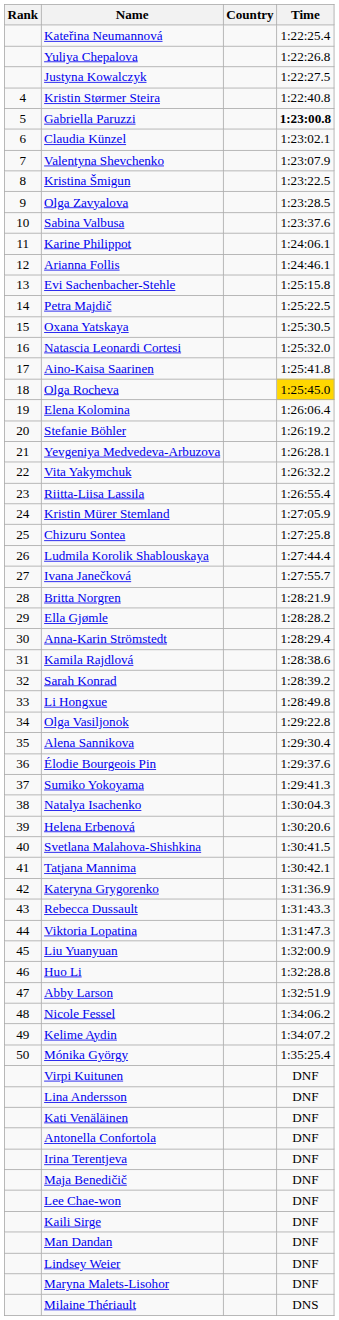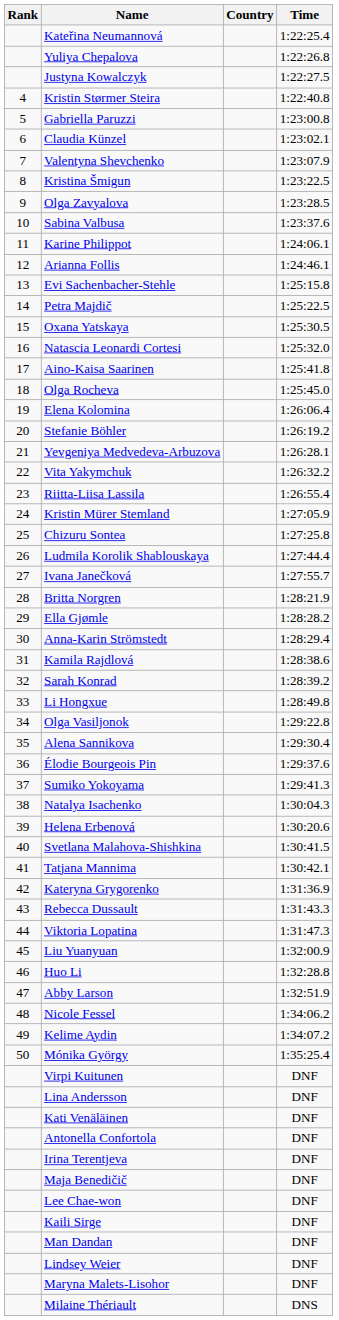 <table class="wikitable sortable" style="text-align:center">
 <tr>
 <th>Rank</th>
 <th>Name</th>
 <th>Country</th>
 <th>Time</th>
 </tr>
 <tr>
 <td></td>
 <td align="left"><a href='#'>Kateřina Neumannová</a></td>
 <td align="left"></td>
 <td>1:22:25.4</td>
 </tr>
 <tr>
 <td></td>
 <td align="left"><a href='#'>Yuliya Chepalova</a></td>
 <td align="left"></td>
 <td>1:22:26.8</td>
 </tr>
 <tr>
 <td></td>
 <td align="left"><a href='#'>Justyna Kowalczyk</a></td>
 <td align="left"></td>
 <td>1:22:27.5</td>
 </tr>
 <tr>
 <td>4</td>
 <td align="left"><a href='#'>Kristin Størmer Steira</a></td>
 <td align="left"></td>
 <td>1:22:40.8</td>
 </tr>
 <tr>
 <td>5</td>
 <td align="left"><a href='#'>Gabriella Paruzzi</a></td>
 <td align="left"></td>
-<td><strong>1:23:00.8</strong></td>
+<td>1:23:00.8</td>
 </tr>
 <tr>
 <td>6</td>
 <td align="left"><a href='#'>Claudia Künzel</a></td>
 <td align="left"></td>
 <td>1:23:02.1</td>
 </tr>
 <tr>
 <td>7</td>
 <td align="left"><a href='#'>Valentyna Shevchenko</a></td>
 <td align="left"></td>
 <td>1:23:07.9</td>
 </tr>
 <tr>
 <td>8</td>
 <td align="left"><a href='#'>Kristina Šmigun</a></td>
 <td align="left"></td>
 <td>1:23:22.5</td>
 </tr>
 <tr>
 <td>9</td>
 <td align="left"><a href='#'>Olga Zavyalova</a></td>
 <td align="left"></td>
 <td>1:23:28.5</td>
 </tr>
 <tr>
 <td>10</td>
 <td align="left"><a href='#'>Sabina Valbusa</a></td>
 <td align="left"></td>
 <td>1:23:37.6</td>
 </tr>
 <tr>
 <td>11</td>
 <td align="left"><a href='#'>Karine Philippot</a></td>
 <td align="left"></td>
 <td>1:24:06.1</td>
 </tr>
 <tr>
 <td>12</td>
 <td align="left"><a href='#'>Arianna Follis</a></td>
 <td align="left"></td>
 <td>1:24:46.1</td>
 </tr>
 <tr>
 <td>13</td>
 <td align="left"><a href='#'>Evi Sachenbacher-Stehle</a></td>
 <td align="left"></td>
 <td>1:25:15.8</td>
 </tr>
 <tr>
 <td>14</td>
 <td align="left"><a href='#'>Petra Majdič</a></td>
 <td align="left"></td>
 <td>1:25:22.5</td>
 </tr>
 <tr>
 <td>15</td>
 <td align="left"><a href='#'>Oxana Yatskaya</a></td>
 <td align="left"></td>
 <td>1:25:30.5</td>
 </tr>
 <tr>
 <td>16</td>
 <td align="left"><a href='#'>Natascia Leonardi Cortesi</a></td>
 <td align="left"></td>
 <td>1:25:32.0</td>
 </tr>
 <tr>
 <td>17</td>
 <td align="left"><a href='#'>Aino-Kaisa Saarinen</a></td>
 <td align="left"></td>
 <td>1:25:41.8</td>
 </tr>
 <tr>
 <td>18</td>
 <td align="left"><a href='#'>Olga Rocheva</a></td>
 <td align="left"></td>
-<td style="background: gold;">1:25:45.0</td>
+<td>1:25:45.0</td>
 </tr>
 <tr>
 <td>19</td>
 <td align="left"><a href='#'>Elena Kolomina</a></td>
 <td align="left"></td>
 <td>1:26:06.4</td>
 </tr>
 <tr>
 <td>20</td>
 <td align="left"><a href='#'>Stefanie Böhler</a></td>
 <td align="left"></td>
 <td>1:26:19.2</td>
 </tr>
 <tr>
 <td>21</td>
 <td align="left"><a href='#'>Yevgeniya Medvedeva-Arbuzova</a></td>
 <td align="left"></td>
 <td>1:26:28.1</td>
 </tr>
 <tr>
 <td>22</td>
 <td align="left"><a href='#'>Vita Yakymchuk</a></td>
 <td align="left"></td>
 <td>1:26:32.2</td>
 </tr>
 <tr>
 <td>23</td>
 <td align="left"><a href='#'>Riitta-Liisa Lassila</a></td>
 <td align="left"></td>
 <td>1:26:55.4</td>
 </tr>
 <tr>
 <td>24</td>
 <td align="left"><a href='#'>Kristin Mürer Stemland</a></td>
 <td align="left"></td>
 <td>1:27:05.9</td>
 </tr>
 <tr>
 <td>25</td>
 <td align="left"><a href='#'>Chizuru Sontea</a></td>
 <td align="left"></td>
 <td>1:27:25.8</td>
 </tr>
 <tr>
 <td>26</td>
 <td align="left"><a href='#'>Ludmila Korolik Shablouskaya</a></td>
 <td align="left"></td>
 <td>1:27:44.4</td>
 </tr>
 <tr>
 <td>27</td>
 <td align="left"><a href='#'>Ivana Janečková</a></td>
 <td align="left"></td>
 <td>1:27:55.7</td>
 </tr>
 <tr>
 <td>28</td>
 <td align="left"><a href='#'>Britta Norgren</a></td>
 <td align="left"></td>
 <td>1:28:21.9</td>
 </tr>
 <tr>
 <td>29</td>
 <td align="left"><a href='#'>Ella Gjømle</a></td>
 <td align="left"></td>
 <td>1:28:28.2</td>
 </tr>
 <tr>
 <td>30</td>
 <td align="left"><a href='#'>Anna-Karin Strömstedt</a></td>
 <td align="left"></td>
 <td>1:28:29.4</td>
 </tr>
 <tr>
 <td>31</td>
 <td align="left"><a href='#'>Kamila Rajdlová</a></td>
 <td align="left"></td>
 <td>1:28:38.6</td>
 </tr>
 <tr>
 <td>32</td>
 <td align="left"><a href='#'>Sarah Konrad</a></td>
 <td align="left"></td>
 <td>1:28:39.2</td>
 </tr>
 <tr>
 <td>33</td>
 <td align="left"><a href='#'>Li Hongxue</a></td>
 <td align="left"></td>
 <td>1:28:49.8</td>
 </tr>
 <tr>
 <td>34</td>
 <td align="left"><a href='#'>Olga Vasiljonok</a></td>
 <td align="left"></td>
 <td>1:29:22.8</td>
 </tr>
 <tr>
 <td>35</td>
 <td align="left"><a href='#'>Alena Sannikova</a></td>
 <td align="left"></td>
 <td>1:29:30.4</td>
 </tr>
 <tr>
 <td>36</td>
 <td align="left"><a href='#'>Élodie Bourgeois Pin</a></td>
 <td align="left"></td>
 <td>1:29:37.6</td>
 </tr>
 <tr>
 <td>37</td>
 <td align="left"><a href='#'>Sumiko Yokoyama</a></td>
 <td align="left"></td>
 <td>1:29:41.3</td>
 </tr>
 <tr>
 <td>38</td>
 <td align="left"><a href='#'>Natalya Isachenko</a></td>
 <td align="left"></td>
 <td>1:30:04.3</td>
 </tr>
 <tr>
 <td>39</td>
 <td align="left"><a href='#'>Helena Erbenová</a></td>
 <td align="left"></td>
 <td>1:30:20.6</td>
 </tr>
 <tr>
 <td>40</td>
 <td align="left"><a href='#'>Svetlana Malahova-Shishkina</a></td>
 <td align="left"></td>
 <td>1:30:41.5</td>
 </tr>
 <tr>
 <td>41</td>
 <td align="left"><a href='#'>Tatjana Mannima</a></td>
 <td align="left"></td>
 <td>1:30:42.1</td>
 </tr>
 <tr>
 <td>42</td>
 <td align="left"><a href='#'>Kateryna Grygorenko</a></td>
 <td align="left"></td>
 <td>1:31:36.9</td>
 </tr>
 <tr>
 <td>43</td>
 <td align="left"><a href='#'>Rebecca Dussault</a></td>
 <td align="left"></td>
 <td>1:31:43.3</td>
 </tr>
 <tr>
 <td>44</td>
 <td align="left"><a href='#'>Viktoria Lopatina</a></td>
 <td align="left"></td>
 <td>1:31:47.3</td>
 </tr>
 <tr>
 <td>45</td>
 <td align="left"><a href='#'>Liu Yuanyuan</a></td>
 <td align="left"></td>
 <td>1:32:00.9</td>
 </tr>
 <tr>
 <td>46</td>
 <td align="left"><a href='#'>Huo Li</a></td>
 <td align="left"></td>
 <td>1:32:28.8</td>
 </tr>
 <tr>
 <td>47</td>
 <td align="left"><a href='#'>Abby Larson</a></td>
 <td align="left"></td>
 <td>1:32:51.9</td>
 </tr>
 <tr>
 <td>48</td>
 <td align="left"><a href='#'>Nicole Fessel</a></td>
 <td align="left"></td>
 <td>1:34:06.2</td>
 </tr>
 <tr>
 <td>49</td>
 <td align="left"><a href='#'>Kelime Aydin</a></td>
 <td align="left"></td>
 <td>1:34:07.2</td>
 </tr>
 <tr>
 <td>50</td>
 <td align="left"><a href='#'>Mónika György</a></td>
 <td align="left"></td>
 <td>1:35:25.4</td>
 </tr>
 <tr>
 <td></td>
 <td align="left"><a href='#'>Virpi Kuitunen</a></td>
 <td align="left"></td>
 <td>DNF</td>
 </tr>
 <tr>
 <td></td>
 <td align="left"><a href='#'>Lina Andersson</a></td>
 <td align="left"></td>
 <td>DNF</td>
 </tr>
 <tr>
 <td></td>
 <td align="left"><a href='#'>Kati Venäläinen</a></td>
 <td align="left"></td>
 <td>DNF</td>
 </tr>
 <tr>
 <td></td>
 <td align="left"><a href='#'>Antonella Confortola</a></td>
 <td align="left"></td>
 <td>DNF</td>
 </tr>
 <tr>
 <td></td>
 <td align="left"><a href='#'>Irina Terentjeva</a></td>
 <td align="left"></td>
 <td>DNF</td>
 </tr>
 <tr>
 <td></td>
 <td align="left"><a href='#'>Maja Benedičič</a></td>
 <td align="left"></td>
 <td>DNF</td>
 </tr>
 <tr>
 <td></td>
 <td align="left"><a href='#'>Lee Chae-won</a></td>
 <td align="left"></td>
 <td>DNF</td>
 </tr>
 <tr>
 <td></td>
 <td align="left"><a href='#'>Kaili Sirge</a></td>
 <td align="left"></td>
 <td>DNF</td>
 </tr>
 <tr>
 <td></td>
 <td align="left"><a href='#'>Man Dandan</a></td>
 <td align="left"></td>
 <td>DNF</td>
 </tr>
 <tr>
 <td></td>
 <td align="left"><a href='#'>Lindsey Weier</a></td>
 <td align="left"></td>
 <td>DNF</td>
 </tr>
 <tr>
 <td></td>
 <td align="left"><a href='#'>Maryna Malets-Lisohor</a></td>
 <td align="left"></td>
 <td>DNF</td>
 </tr>
 <tr>
 <td></td>
 <td align="left"><a href='#'>Milaine Thériault</a></td>
 <td align="left"></td>
 <td>DNS</td>
 </tr>
 </table>
